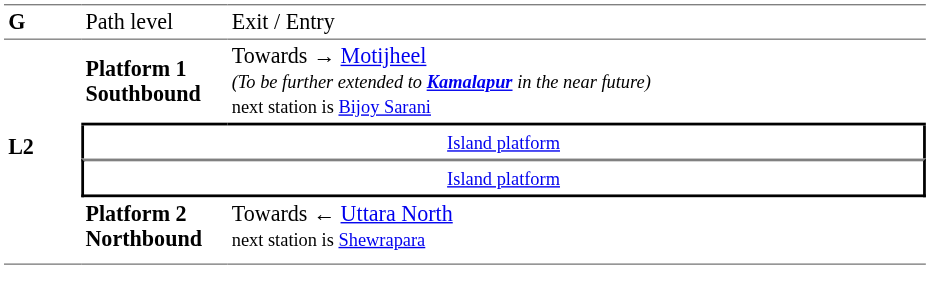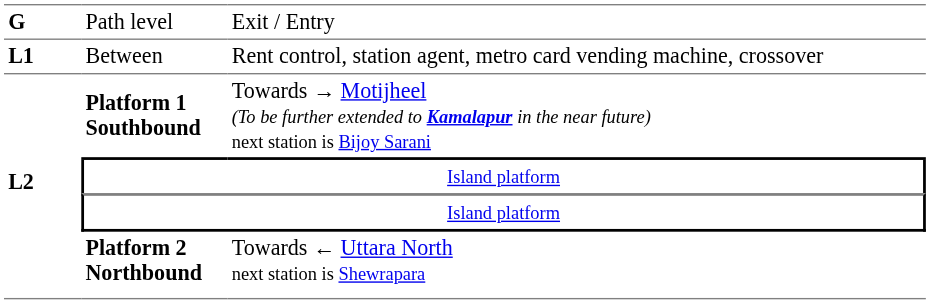 <table table border=0 cellspacing=0 cellpadding=3>
 <tr>
 <td style="border-bottom:solid 1px gray;border-top:solid 1px gray;" width=50 valign=top><strong>G</strong></td>
 <td style="border-top:solid 1px gray;border-bottom:solid 1px gray;" width=100 valign=top>Path level</td>
 <td style="border-top:solid 1px gray;border-bottom:solid 1px gray;" width=500 valign=top>Exit / Entry</td>
+</tr>
+<tr>
+<td style="border-bottom:solid 1px gray; valign=top"><strong>L1</strong></td>
+<td style="border-bottom:solid 1px gray; valign=top">Between</td>
+<td style="border-bottom:solid 1px gray; valign=top">Rent control, station agent, metro card vending machine, crossover<br></td>
 </tr>
 <tr>
 <td rowspan="4"><strong>L2</strong></td>
 <td style="border-bottom:solid 2px black;" width="100"><span><strong>Platform 1<br>Southbound</strong></span></td>
 <td style="border-bottom:solid 2px black;" width="500">Towards → <a href='#'>Motijheel</a><br><small><em>(To be further extended to <strong><a href='#'>Kamalapur</a></strong> in the near future)</em></small> <small><br>next station is <a href='#'>Bijoy Sarani</a></small></td>
 </tr>
 <tr>
 <td colspan="2" style="border-right:solid 2px black;border-left:solid 2px black;text-align:center;"><small><a href='#'>Island platform</a></small></td>
 </tr>
 <tr>
 <td colspan="2" style="border-top:solid 2px gray;border-right:solid 2px black;border-left:solid 2px black;border-bottom:solid 2px black;text-align:center;"><small><a href='#'>Island platform</a></small></td>
 </tr>
 <tr>
 <td><span><strong>Platform 2<br>Northbound</strong></span></td>
 <td>Towards ← <a href='#'>Uttara North</a> <small><br>next station is <a href='#'>Shewrapara</a></small></td>
 </tr>
 <tr>
 <td rowspan="2" style="border-bottom:solid 1px gray;" width="50" valign="top"></td>
 <td style="border-bottom:solid 1px gray;" width="100"></td>
 <td style="border-bottom:solid 1px gray;" width="500"></td>
 </tr>
 <tr>
 </tr>
 </table>
